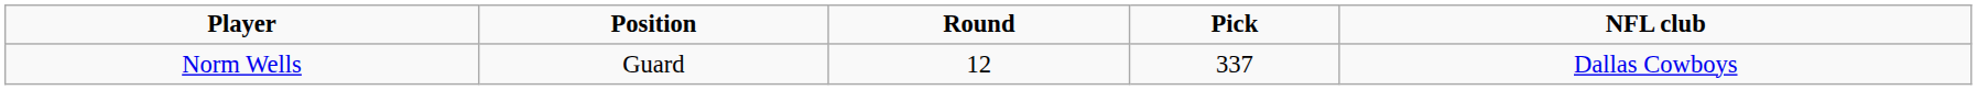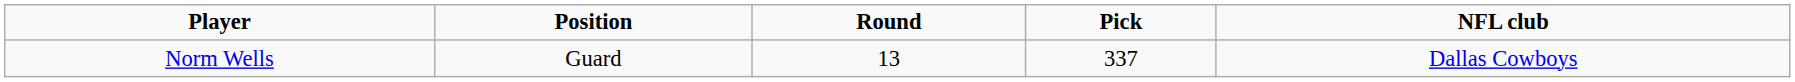 <table class="wikitable" width="80%">
 <tr align="center">
 <td><strong>Player</strong></td>
 <td><strong>Position</strong></td>
 <td><strong>Round</strong></td>
 <td><strong>Pick</strong></td>
 <td><strong>NFL club</strong></td>
 </tr>
 <tr align="center" bgcolor="">
 <td><a href='#'>Norm Wells</a></td>
 <td>Guard</td>
-<td>12</td>
+<td>13</td>
 <td>337</td>
 <td><a href='#'>Dallas Cowboys</a></td>
 </tr>
 </table>
